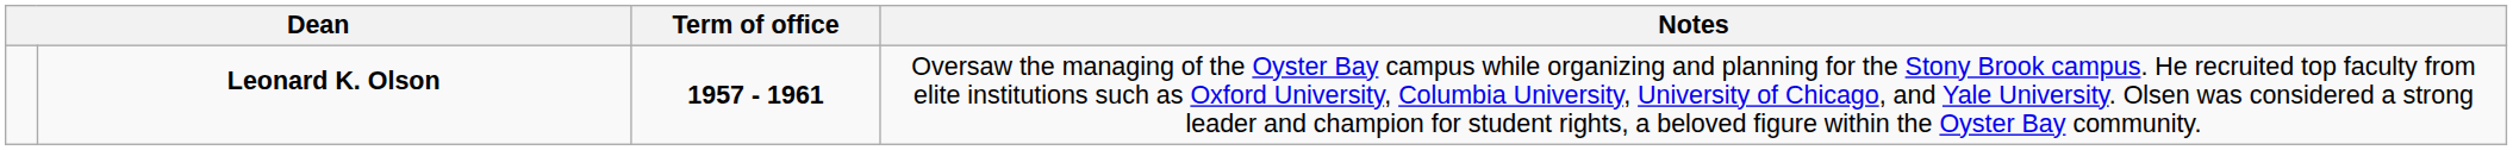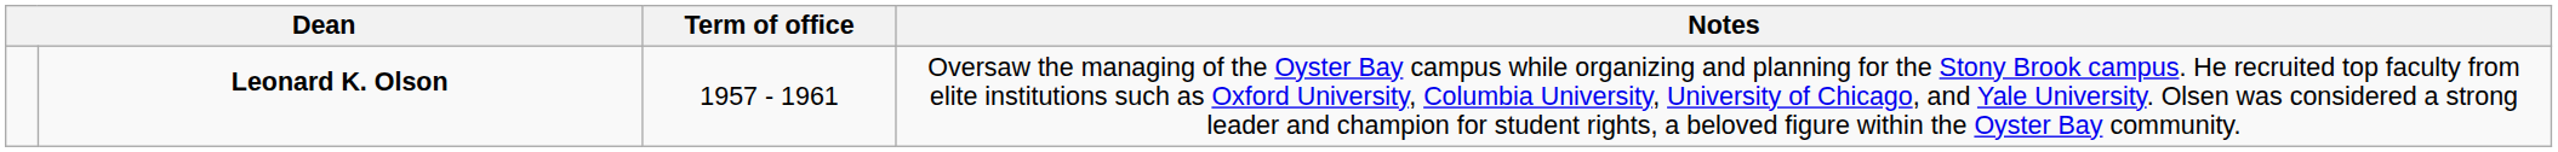 <table class="wikitable" style="text-align: center;">
 <tr>
 <th colspan="2" style="width: 25%;">Dean</th>
 <th style="width: 10%;">Term of office</th>
 <th>Notes</th>
 </tr>
 <tr>
 <td></td>
 <td><strong>Leonard K. Olson</strong><br><br></td>
-<td><strong>1957 - 1961<br></strong></td>
+<td>1957 - 1961<br></td>
 <td>Oversaw the managing of the <a href='#'>Oyster Bay</a> campus while organizing and planning for the <a href='#'>Stony Brook campus</a>. He recruited top faculty from elite institutions such as <a href='#'>Oxford University</a>, <a href='#'>Columbia University</a>, <a href='#'>University of Chicago</a>, and <a href='#'>Yale University</a>. Olsen was considered a strong leader and champion for student rights, a beloved figure within the <a href='#'>Oyster Bay</a> community.</td>
 </tr>
 </table>
